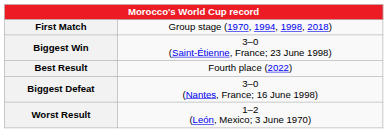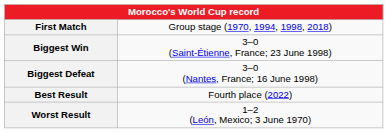 <table class="wikitable collapsible collapsed" style="width:50%; text-align:center">
 <tr>
 <th colspan="2" style="background:#ED1C24; color:white; ">Morocco's World Cup record</th>
 </tr>
 <tr>
 <th>First Match</th>
 <td>Group stage (<a href='#'>1970</a>, <a href='#'>1994</a>, <a href='#'>1998</a>, <a href='#'>2018</a>)</td>
 </tr>
 <tr>
 <th>Biggest Win</th>
 <td> 3–0 <br> (<a href='#'>Saint-Étienne</a>, France; 23 June 1998)</td>
 </tr>
 <tr>
+<th>Biggest Defeat</th>
+<td> 3–0 <br> (<a href='#'>Nantes</a>, France; 16 June 1998)</td>
+</tr>
+<tr>
 <th>Best Result</th>
 <td>Fourth place (<a href='#'>2022</a>)</td>
-</tr>
-<tr>
-<th>Biggest Defeat</th>
-<td> 3–0 <br> (<a href='#'>Nantes</a>, France; 16 June 1998)</td>
 </tr>
 <tr>
 <th>Worst Result</th>
 <td> 1–2 <br> (<a href='#'>León</a>, Mexico; 3 June 1970)</td>
 </tr>
 </table>
